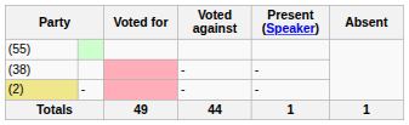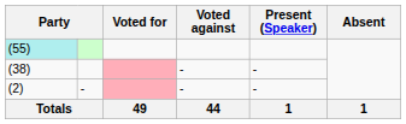 <table class="wikitable" style="width:40%;">
 <tr>
 <th style="width:20%;" colspan="2">Party</th>
 <th style="width:15%;">Voted for</th>
 <th style="width:15%;">Voted against</th>
 <th style="width:15%;">Present (<a href='#'>Speaker</a>)</th>
 <th style="width:15%;">Absent</th>
 </tr>
 <tr>
-<td> (55)</td>
+<td style="background: paleturquoise;"> (55)</td>
 <td style="background-color:#CCFFCC;"></td>
 <td></td>
 <td></td>
 <td></td>
 </tr>
 <tr>
 <td> (38)</td>
 <td></td>
 <td style="background-color:#FFAEB9;"></td>
 <td>-</td>
 <td>-</td>
 </tr>
 <tr>
-<td style="background: khaki;"> (2)</td>
+<td> (2)</td>
 <td>-</td>
 <td style="background-color:#FFAEB9;"></td>
 <td>-</td>
 <td>-</td>
 </tr>
 <tr>
 <th colspan=2>Totals</th>
 <th>49</th>
 <th>44</th>
 <th>1</th>
 <th>1</th>
 </tr>
 </table>
